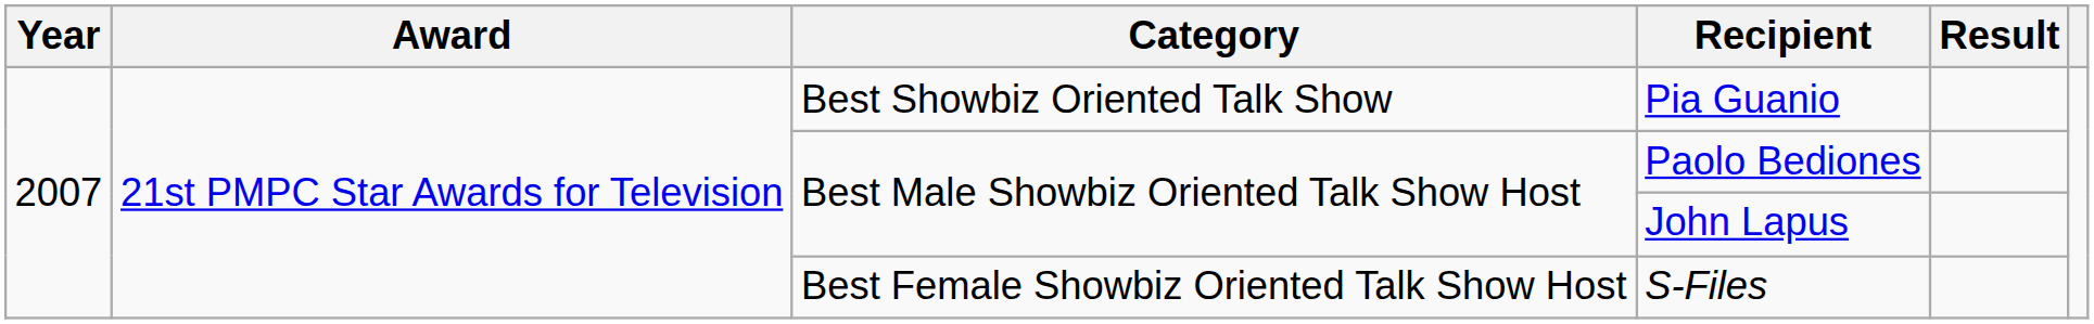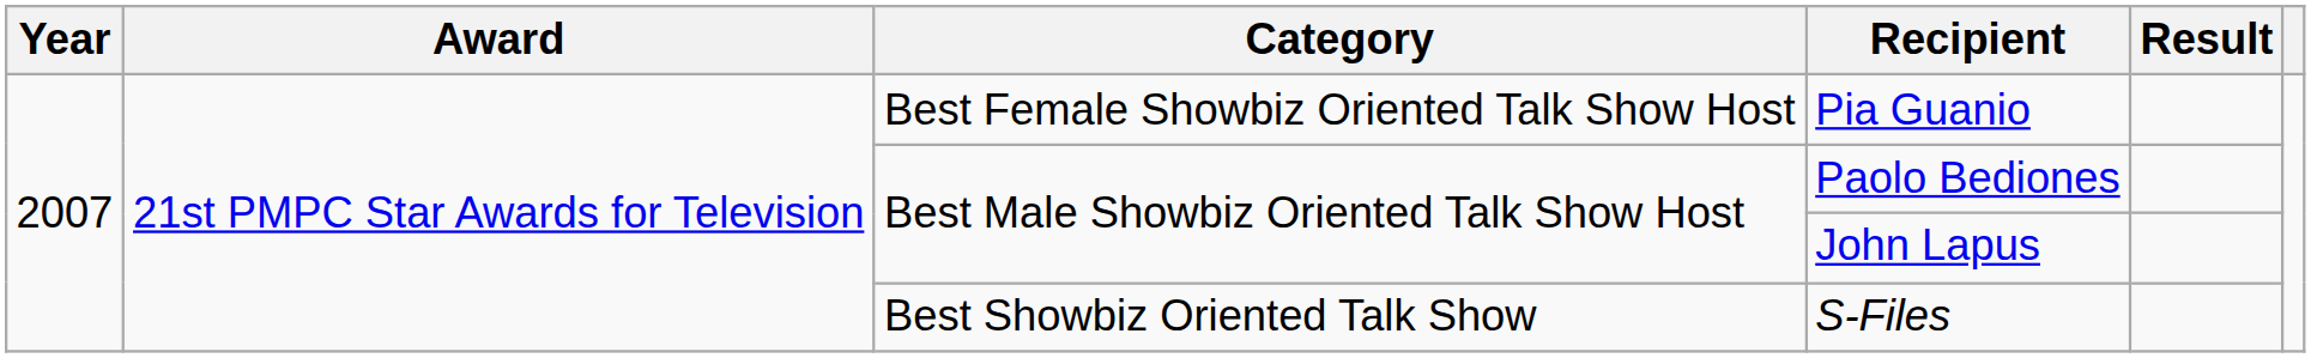 <table class="wikitable">
 <tr>
 <th>Year</th>
 <th>Award</th>
 <th>Category</th>
 <th>Recipient</th>
 <th>Result</th>
 <th></th>
 </tr>
 <tr>
 <td rowspan=4>2007</td>
 <td rowspan=4><a href='#'>21st PMPC Star Awards for Television</a></td>
-<td>Best Showbiz Oriented Talk Show</td>
+<td>Best Female Showbiz Oriented Talk Show Host</td>
 <td><a href='#'>Pia Guanio</a></td>
 <td></td>
 <td rowspan=4></td>
 </tr>
 <tr>
 <td rowspan=2>Best Male Showbiz Oriented Talk Show Host</td>
 <td><a href='#'>Paolo Bediones</a></td>
 <td></td>
 </tr>
 <tr>
 <td><a href='#'>John Lapus</a></td>
 <td></td>
 </tr>
 <tr>
-<td>Best Female Showbiz Oriented Talk Show Host</td>
+<td>Best Showbiz Oriented Talk Show</td>
 <td><em>S-Files</em></td>
 <td></td>
 </tr>
 </table>
